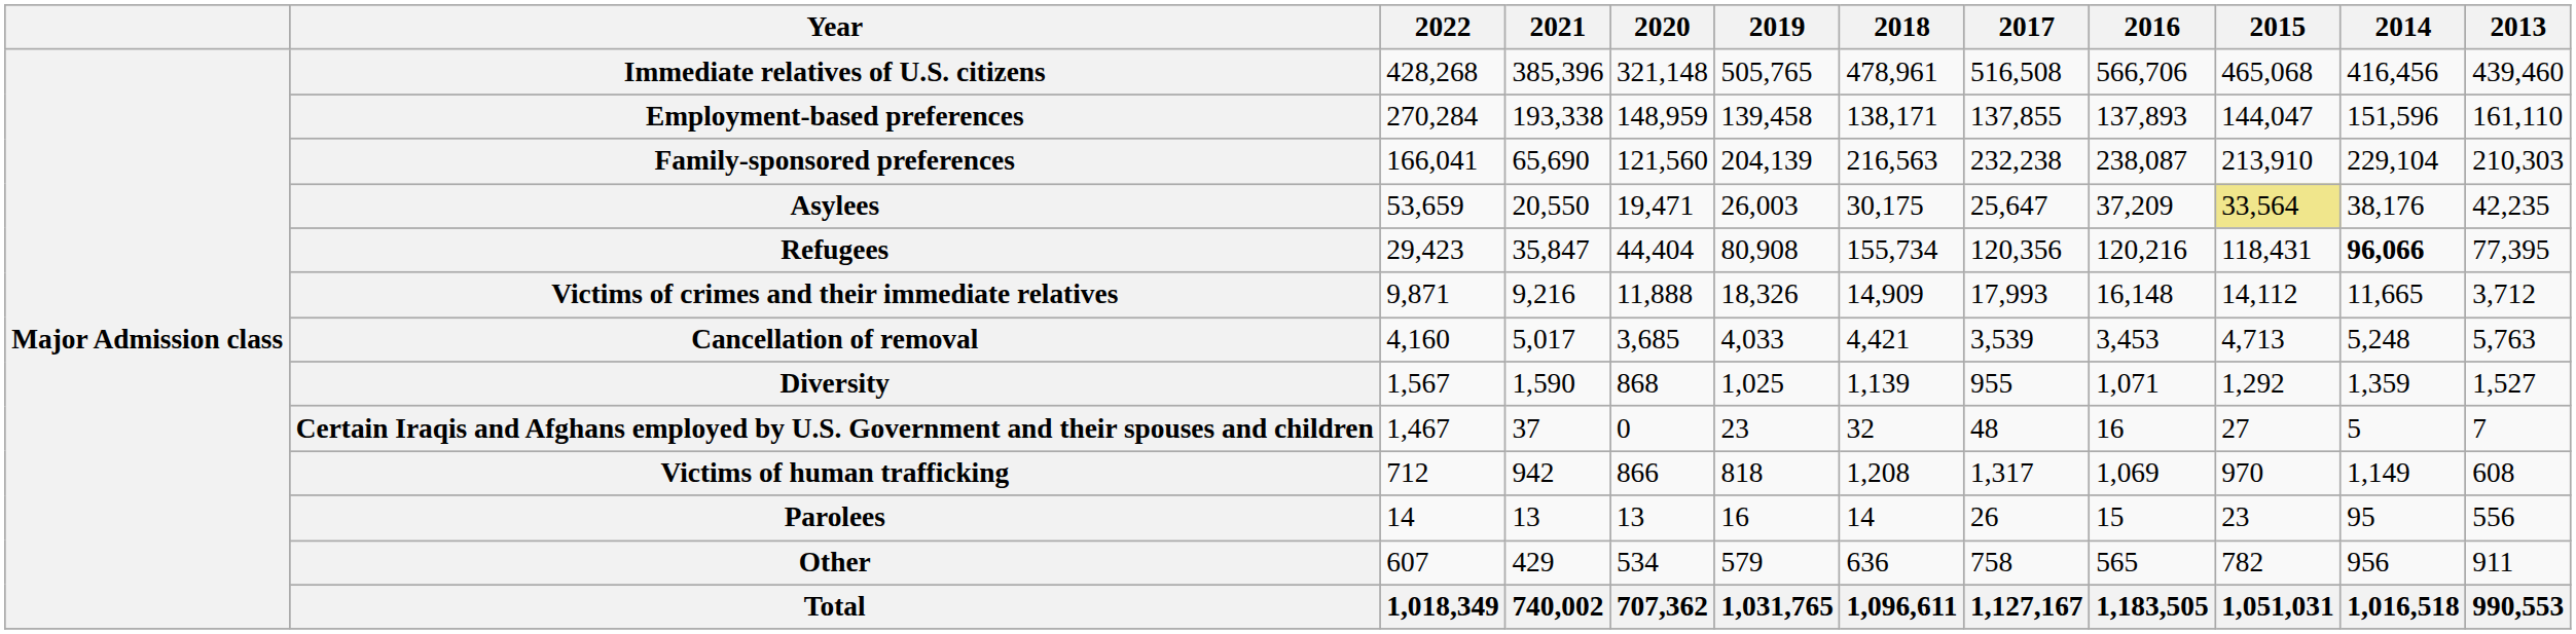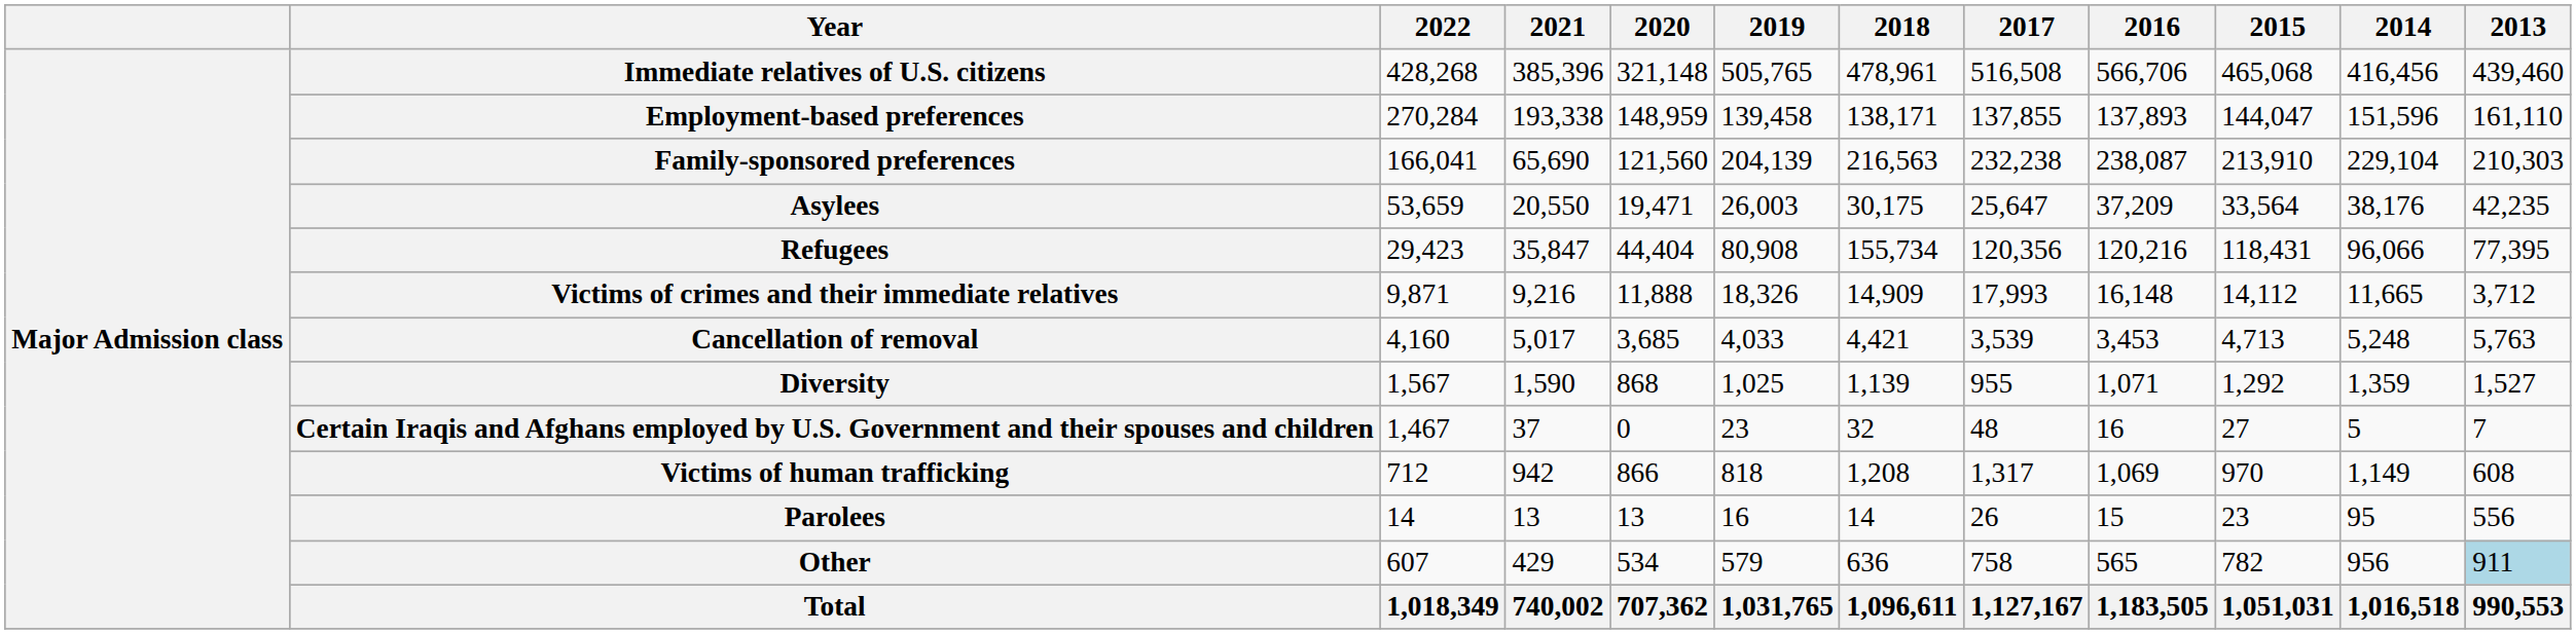 <table class="wikitable sortable">
 <tr>
 <th></th>
 <th>Year</th>
 <th>2022</th>
 <th>2021</th>
 <th>2020</th>
 <th>2019</th>
 <th>2018</th>
 <th>2017</th>
 <th>2016</th>
 <th>2015</th>
 <th>2014</th>
 <th>2013</th>
 </tr>
 <tr>
 <th rowspan="13">Major Admission class</th>
 <th>Immediate relatives of U.S. citizens</th>
 <td>428,268</td>
 <td>385,396</td>
 <td>321,148</td>
 <td>505,765</td>
 <td>478,961</td>
 <td>516,508</td>
 <td>566,706</td>
 <td>465,068</td>
 <td>416,456</td>
 <td>439,460</td>
 </tr>
 <tr>
 <th>Employment-based preferences</th>
 <td>270,284</td>
 <td>193,338</td>
 <td>148,959</td>
 <td>139,458</td>
 <td>138,171</td>
 <td>137,855</td>
 <td>137,893</td>
 <td>144,047</td>
 <td>151,596</td>
 <td>161,110</td>
 </tr>
 <tr>
 <th>Family-sponsored preferences</th>
 <td>166,041</td>
 <td>65,690</td>
 <td>121,560</td>
 <td>204,139</td>
 <td>216,563</td>
 <td>232,238</td>
 <td>238,087</td>
 <td>213,910</td>
 <td>229,104</td>
 <td>210,303</td>
 </tr>
 <tr>
 <th>Asylees</th>
 <td>53,659</td>
 <td>20,550</td>
 <td>19,471</td>
 <td>26,003</td>
 <td>30,175</td>
 <td>25,647</td>
 <td>37,209</td>
-<td style="background: khaki;">33,564</td>
+<td>33,564</td>
 <td>38,176</td>
 <td>42,235</td>
 </tr>
 <tr>
 <th>Refugees</th>
 <td>29,423</td>
 <td>35,847</td>
 <td>44,404</td>
 <td>80,908</td>
 <td>155,734</td>
 <td>120,356</td>
 <td>120,216</td>
 <td>118,431</td>
-<td><strong>96,066</strong></td>
+<td>96,066</td>
 <td>77,395</td>
 </tr>
 <tr>
 <th>Victims of crimes and their immediate relatives</th>
 <td>9,871</td>
 <td>9,216</td>
 <td>11,888</td>
 <td>18,326</td>
 <td>14,909</td>
 <td>17,993</td>
 <td>16,148</td>
 <td>14,112</td>
 <td>11,665</td>
 <td>3,712</td>
 </tr>
 <tr>
 <th>Cancellation of removal</th>
 <td>4,160</td>
 <td>5,017</td>
 <td>3,685</td>
 <td>4,033</td>
 <td>4,421</td>
 <td>3,539</td>
 <td>3,453</td>
 <td>4,713</td>
 <td>5,248</td>
 <td>5,763</td>
 </tr>
 <tr>
 <th>Diversity</th>
 <td>1,567</td>
 <td>1,590</td>
 <td>868</td>
 <td>1,025</td>
 <td>1,139</td>
 <td>955</td>
 <td>1,071</td>
 <td>1,292</td>
 <td>1,359</td>
 <td>1,527</td>
 </tr>
 <tr>
 <th>Certain Iraqis and Afghans employed by U.S. Government and their spouses and children</th>
 <td>1,467</td>
 <td>37</td>
 <td>0</td>
 <td>23</td>
 <td>32</td>
 <td>48</td>
 <td>16</td>
 <td>27</td>
 <td>5</td>
 <td>7</td>
 </tr>
 <tr>
 <th>Victims of human trafficking</th>
 <td>712</td>
 <td>942</td>
 <td>866</td>
 <td>818</td>
 <td>1,208</td>
 <td>1,317</td>
 <td>1,069</td>
 <td>970</td>
 <td>1,149</td>
 <td>608</td>
 </tr>
 <tr>
 <th>Parolees</th>
 <td>14</td>
 <td>13</td>
 <td>13</td>
 <td>16</td>
 <td>14</td>
 <td>26</td>
 <td>15</td>
 <td>23</td>
 <td>95</td>
 <td>556</td>
 </tr>
 <tr>
 <th>Other</th>
 <td>607</td>
 <td>429</td>
 <td>534</td>
 <td>579</td>
 <td>636</td>
 <td>758</td>
 <td>565</td>
 <td>782</td>
 <td>956</td>
-<td>911</td>
+<td style="background: lightblue;">911</td>
 </tr>
 <tr>
 <th>Total</th>
 <th>1,018,349</th>
 <th>740,002</th>
 <th>707,362</th>
 <th>1,031,765</th>
 <th>1,096,611</th>
 <th>1,127,167</th>
 <th>1,183,505</th>
 <th>1,051,031</th>
 <th>1,016,518</th>
 <th>990,553</th>
 </tr>
 </table>
